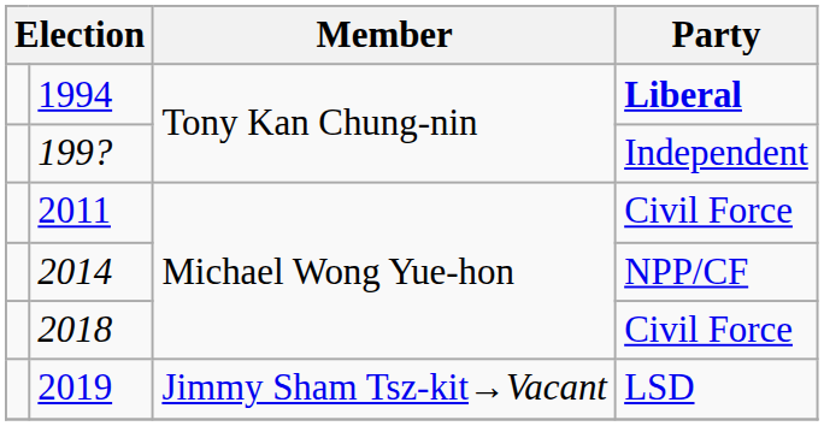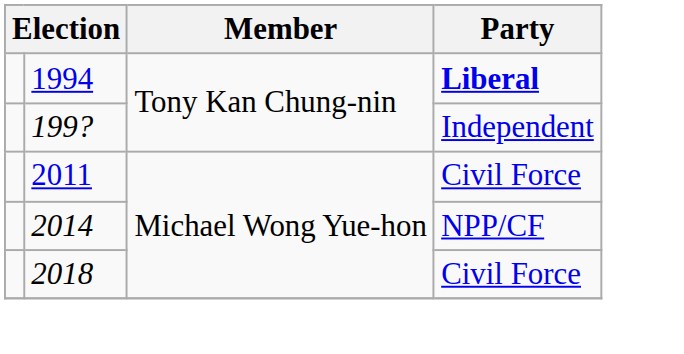 <table class="wikitable">
 <tr>
 <th colspan="2">Election</th>
 <th>Member</th>
 <th>Party</th>
 </tr>
 <tr>
 <td style="background-color: "></td>
 <td><a href='#'>1994</a></td>
 <td rowspan=2>Tony Kan Chung-nin</td>
 <td><strong><a href='#'>Liberal</a></strong></td>
 </tr>
 <tr>
 <td style="background-color: "></td>
 <td><em>199?</em></td>
 <td><a href='#'>Independent</a></td>
 </tr>
 <tr>
 <td style="background-color: "></td>
 <td><a href='#'>2011</a></td>
 <td rowspan=3>Michael Wong Yue-hon</td>
 <td><a href='#'>Civil Force</a></td>
 </tr>
 <tr>
 <td style="background-color: "></td>
 <td><em>2014</em></td>
 <td><a href='#'>NPP/CF</a></td>
 </tr>
 <tr>
 <td style="background-color: "></td>
 <td><em>2018</em></td>
 <td><a href='#'>Civil Force</a></td>
 </tr>
 <tr>
-<td style="background-color: "></td>
-<td><a href='#'>2019</a></td>
-<td><a href='#'>Jimmy Sham Tsz-kit</a>→<em>Vacant</em></td>
-<td><a href='#'>LSD</a></td>
-</tr>
-<tr>
 </tr>
 </table>
